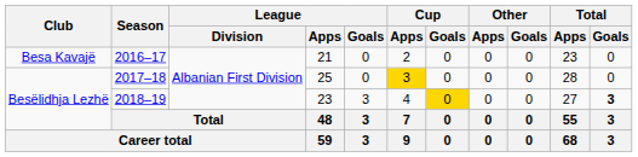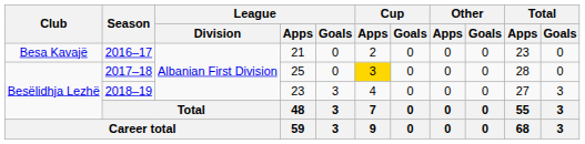 <table class="wikitable" style="text-align: center">
 <tr>
 <th rowspan="2">Club</th>
 <th rowspan="2">Season</th>
 <th colspan="3">League</th>
 <th colspan="2">Cup</th>
 <th colspan="2">Other</th>
 <th colspan="2">Total</th>
 </tr>
 <tr>
 <th>Division</th>
 <th>Apps</th>
 <th>Goals</th>
 <th>Apps</th>
 <th>Goals</th>
 <th>Apps</th>
 <th>Goals</th>
 <th>Apps</th>
 <th>Goals</th>
 </tr>
 <tr>
 <td><a href='#'>Besa Kavajë</a></td>
 <td><a href='#'>2016–17</a></td>
 <td rowspan="3"><a href='#'>Albanian First Division</a></td>
 <td>21</td>
 <td>0</td>
 <td>2</td>
 <td>0</td>
 <td>0</td>
 <td>0</td>
 <td>23</td>
 <td>0</td>
 </tr>
 <tr>
 <td rowspan="3"><a href='#'>Besëlidhja Lezhë</a></td>
 <td><a href='#'>2017–18</a></td>
 <td>25</td>
 <td>0</td>
 <td style="background: gold;">3</td>
 <td>0</td>
 <td>0</td>
 <td>0</td>
 <td>28</td>
 <td>0</td>
 </tr>
 <tr>
 <td><a href='#'>2018–19</a></td>
 <td>23</td>
 <td>3</td>
 <td>4</td>
-<td style="background: gold;">0</td>
+<td>0</td>
 <td>0</td>
 <td>0</td>
 <td>27</td>
-<td><strong>3</strong></td>
+<td>3</td>
 </tr>
 <tr>
 <th colspan="2"><strong>Total</strong></th>
 <th>48</th>
 <th>3</th>
 <th>7</th>
 <th>0</th>
 <th>0</th>
 <th>0</th>
 <th>55</th>
 <th>3</th>
 </tr>
 <tr>
 <th colspan="3"><strong>Career total</strong></th>
 <th>59</th>
 <th>3</th>
 <th>9</th>
 <th>0</th>
 <th>0</th>
 <th>0</th>
 <th>68</th>
 <th>3</th>
 </tr>
 </table>
